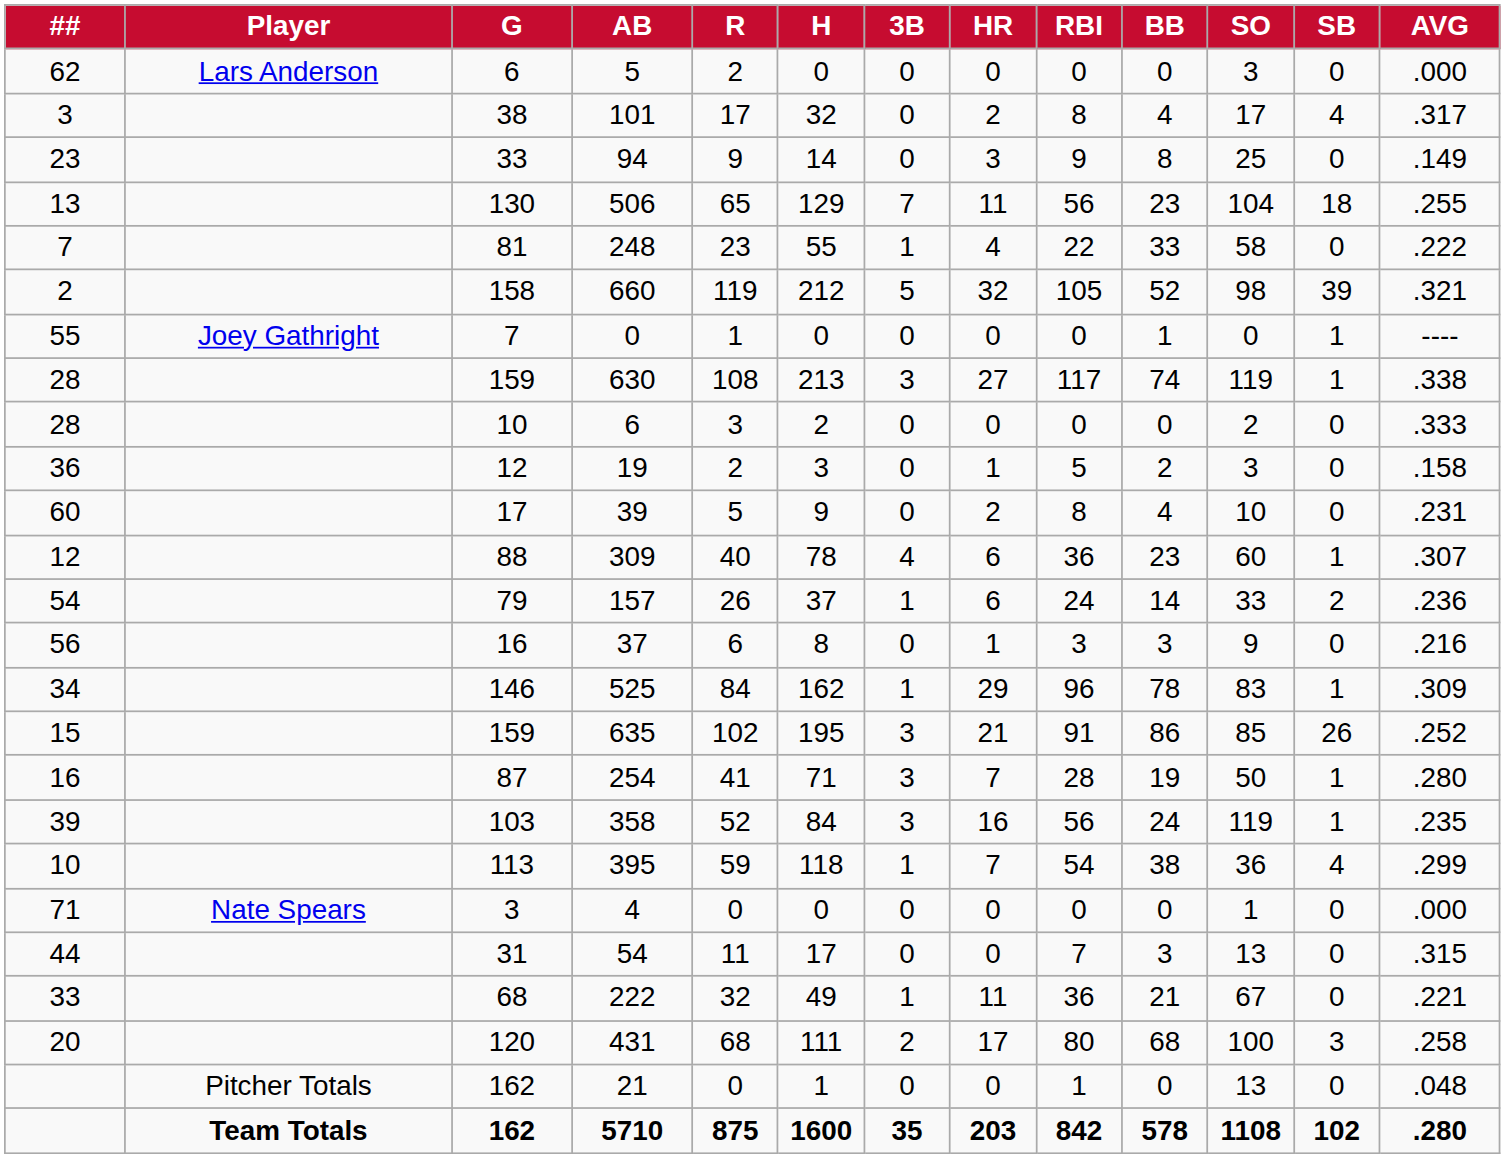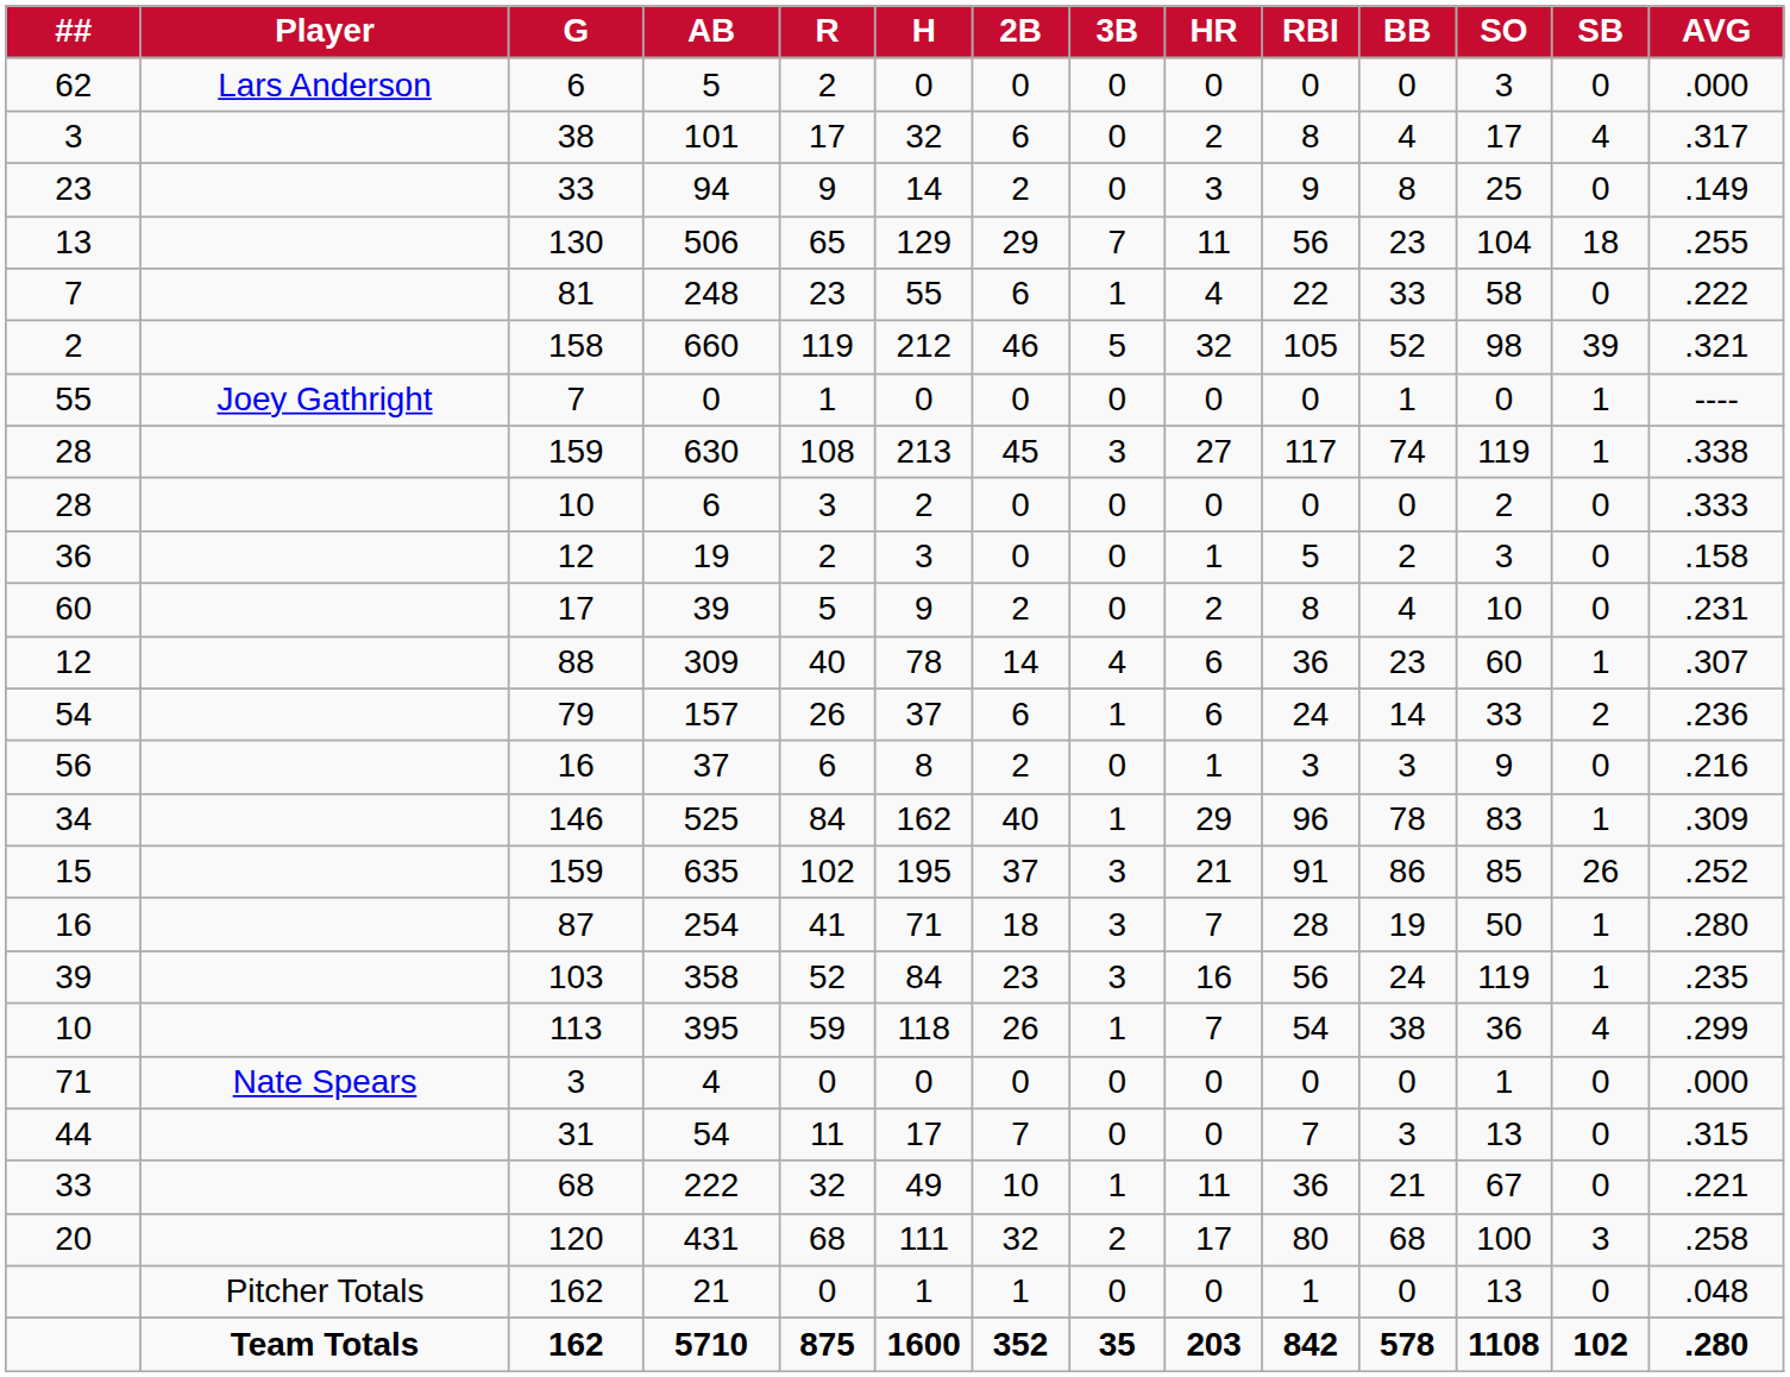 <table class="wikitable sortable">
 <tr>
 <th style="background:#c60c30; width:7%;color:white;">##</th>
 <th style="background:#c60c30; width:19%;color:white;">Player</th>
 <th style="background:#c60c30; width:7%;color:white;">G</th>
 <th style="background:#c60c30; width:7%;color:white;">AB</th>
 <th style="background:#c60c30; width:5%;color:white;">R</th>
 <th style="background:#c60c30; width:5%;color:white;">H</th>
+<th style="background:#c60c30; width:5%;color:white;">2B</th>
 <th style="background:#c60c30; width:5%;color:white;">3B</th>
 <th style="background:#c60c30; width:5%;color:white;">HR</th>
 <th style="background:#c60c30; width:5%;color:white;">RBI</th>
 <th style="background:#c60c30; width:5%;color:white;">BB</th>
 <th style="background:#c60c30; width:5%;color:white;">SO</th>
 <th style="background:#c60c30; width:5%;color:white;">SB</th>
 <th style="background:#c60c30; width:7%;color:white;">AVG</th>
 </tr>
 <tr style="text-align:center;">
 <td>62</td>
 <td><a href='#'>Lars Anderson</a></td>
 <td>6</td>
 <td>5</td>
 <td>2</td>
 <td>0</td>
 <td>0</td>
 <td>0</td>
 <td>0</td>
 <td>0</td>
+<td>0</td>
 <td>3</td>
 <td>0</td>
 <td>.000</td>
 </tr>
 <tr align=center>
 <td>3</td>
 <td></td>
 <td>38</td>
 <td>101</td>
 <td>17</td>
 <td>32</td>
+<td>6</td>
 <td>0</td>
 <td>2</td>
 <td>8</td>
 <td>4</td>
 <td>17</td>
 <td>4</td>
 <td>.317</td>
 </tr>
 <tr style="text-align:center;">
 <td>23</td>
 <td></td>
 <td>33</td>
 <td>94</td>
 <td>9</td>
 <td>14</td>
+<td>2</td>
 <td>0</td>
 <td>3</td>
 <td>9</td>
 <td>8</td>
 <td>25</td>
 <td>0</td>
 <td>.149</td>
 </tr>
 <tr style="text-align:center;">
 <td>13</td>
 <td></td>
 <td>130</td>
 <td>506</td>
 <td>65</td>
 <td>129</td>
+<td>29</td>
 <td>7</td>
 <td>11</td>
 <td>56</td>
 <td>23</td>
 <td>104</td>
 <td>18</td>
 <td>.255</td>
 </tr>
 <tr style="text-align:center;">
 <td>7</td>
 <td></td>
 <td>81</td>
 <td>248</td>
 <td>23</td>
 <td>55</td>
+<td>6</td>
 <td>1</td>
 <td>4</td>
 <td>22</td>
 <td>33</td>
 <td>58</td>
 <td>0</td>
 <td>.222</td>
 </tr>
 <tr style="text-align:center;">
 <td>2</td>
 <td></td>
 <td>158</td>
 <td>660</td>
 <td>119</td>
 <td>212</td>
+<td>46</td>
 <td>5</td>
 <td>32</td>
 <td>105</td>
 <td>52</td>
 <td>98</td>
 <td>39</td>
 <td>.321</td>
 </tr>
 <tr style="text-align:center;">
 <td>55</td>
 <td><a href='#'>Joey Gathright</a></td>
 <td>7</td>
 <td>0</td>
 <td>1</td>
 <td>0</td>
 <td>0</td>
 <td>0</td>
 <td>0</td>
+<td>0</td>
 <td>1</td>
 <td>0</td>
 <td>1</td>
 <td>----</td>
 </tr>
 <tr align=center>
 <td>28</td>
 <td></td>
 <td>159</td>
 <td>630</td>
 <td>108</td>
 <td>213</td>
+<td>45</td>
 <td>3</td>
 <td>27</td>
 <td>117</td>
 <td>74</td>
 <td>119</td>
 <td>1</td>
 <td>.338</td>
 </tr>
 <tr style="text-align:center;">
 <td>28</td>
 <td></td>
 <td>10</td>
 <td>6</td>
 <td>3</td>
 <td>2</td>
 <td>0</td>
 <td>0</td>
 <td>0</td>
 <td>0</td>
+<td>0</td>
 <td>2</td>
 <td>0</td>
 <td>.333</td>
 </tr>
 <tr style="text-align:center;">
 <td>36</td>
 <td></td>
 <td>12</td>
 <td>19</td>
 <td>2</td>
 <td>3</td>
+<td>0</td>
 <td>0</td>
 <td>1</td>
 <td>5</td>
 <td>2</td>
 <td>3</td>
 <td>0</td>
 <td>.158</td>
 </tr>
 <tr style="text-align:center;">
 <td>60</td>
 <td></td>
 <td>17</td>
 <td>39</td>
 <td>5</td>
 <td>9</td>
+<td>2</td>
 <td>0</td>
 <td>2</td>
 <td>8</td>
 <td>4</td>
 <td>10</td>
 <td>0</td>
 <td>.231</td>
 </tr>
 <tr style="text-align:center;">
 <td>12</td>
 <td></td>
 <td>88</td>
 <td>309</td>
 <td>40</td>
 <td>78</td>
+<td>14</td>
 <td>4</td>
 <td>6</td>
 <td>36</td>
 <td>23</td>
 <td>60</td>
 <td>1</td>
 <td>.307</td>
 </tr>
 <tr style="text-align:center;">
 <td>54</td>
 <td></td>
 <td>79</td>
 <td>157</td>
 <td>26</td>
 <td>37</td>
+<td>6</td>
 <td>1</td>
 <td>6</td>
 <td>24</td>
 <td>14</td>
 <td>33</td>
 <td>2</td>
 <td>.236</td>
 </tr>
 <tr style="text-align:center;">
 <td>56</td>
 <td></td>
 <td>16</td>
 <td>37</td>
 <td>6</td>
 <td>8</td>
+<td>2</td>
 <td>0</td>
 <td>1</td>
 <td>3</td>
 <td>3</td>
 <td>9</td>
 <td>0</td>
 <td>.216</td>
 </tr>
 <tr style="text-align:center;">
 <td>34</td>
 <td></td>
 <td>146</td>
 <td>525</td>
 <td>84</td>
 <td>162</td>
+<td>40</td>
 <td>1</td>
 <td>29</td>
 <td>96</td>
 <td>78</td>
 <td>83</td>
 <td>1</td>
 <td>.309</td>
 </tr>
 <tr style="text-align:center;">
 <td>15</td>
 <td></td>
 <td>159</td>
 <td>635</td>
 <td>102</td>
 <td>195</td>
+<td>37</td>
 <td>3</td>
 <td>21</td>
 <td>91</td>
 <td>86</td>
 <td>85</td>
 <td>26</td>
 <td>.252</td>
 </tr>
 <tr style="text-align:center;"|>
 <td>16</td>
 <td></td>
 <td>87</td>
 <td>254</td>
 <td>41</td>
 <td>71</td>
+<td>18</td>
 <td>3</td>
 <td>7</td>
 <td>28</td>
 <td>19</td>
 <td>50</td>
 <td>1</td>
 <td>.280</td>
 </tr>
 <tr style="text-align:center;">
 <td>39</td>
 <td></td>
 <td>103</td>
 <td>358</td>
 <td>52</td>
 <td>84</td>
+<td>23</td>
 <td>3</td>
 <td>16</td>
 <td>56</td>
 <td>24</td>
 <td>119</td>
 <td>1</td>
 <td>.235</td>
 </tr>
 <tr style="text-align:center;">
 <td>10</td>
 <td></td>
 <td>113</td>
 <td>395</td>
 <td>59</td>
 <td>118</td>
+<td>26</td>
 <td>1</td>
 <td>7</td>
 <td>54</td>
 <td>38</td>
 <td>36</td>
 <td>4</td>
 <td>.299</td>
 </tr>
 <tr style="text-align:center;">
 <td>71</td>
 <td><a href='#'>Nate Spears</a></td>
 <td>3</td>
 <td>4</td>
 <td>0</td>
 <td>0</td>
 <td>0</td>
 <td>0</td>
 <td>0</td>
 <td>0</td>
+<td>0</td>
 <td>1</td>
 <td>0</td>
 <td>.000</td>
 </tr>
 <tr align=center>
 <td>44</td>
 <td></td>
 <td>31</td>
 <td>54</td>
 <td>11</td>
 <td>17</td>
+<td>7</td>
 <td>0</td>
 <td>0</td>
 <td>7</td>
 <td>3</td>
 <td>13</td>
 <td>0</td>
 <td>.315</td>
 </tr>
 <tr style="text-align:center;">
 <td>33</td>
 <td></td>
 <td>68</td>
 <td>222</td>
 <td>32</td>
 <td>49</td>
+<td>10</td>
 <td>1</td>
 <td>11</td>
 <td>36</td>
 <td>21</td>
 <td>67</td>
 <td>0</td>
 <td>.221</td>
 </tr>
 <tr style="text-align:center;">
 <td>20</td>
 <td></td>
 <td>120</td>
 <td>431</td>
 <td>68</td>
 <td>111</td>
+<td>32</td>
 <td>2</td>
 <td>17</td>
 <td>80</td>
 <td>68</td>
 <td>100</td>
 <td>3</td>
 <td>.258</td>
 </tr>
 <tr style="text-align:center;">
 <td></td>
 <td>Pitcher Totals</td>
 <td>162</td>
 <td>21</td>
 <td>0</td>
+<td>1</td>
 <td>1</td>
 <td>0</td>
 <td>0</td>
 <td>1</td>
 <td>0</td>
 <td>13</td>
 <td>0</td>
 <td>.048</td>
 </tr>
 <tr style="text-align:center">
 <td></td>
 <td><strong>Team Totals</strong></td>
 <td><strong>162</strong></td>
 <td><strong>5710</strong></td>
 <td><strong>875</strong></td>
 <td><strong>1600</strong></td>
+<td><strong>352</strong></td>
 <td><strong>35</strong></td>
 <td><strong>203</strong></td>
 <td><strong>842</strong></td>
 <td><strong>578</strong></td>
 <td><strong>1108</strong></td>
 <td><strong>102</strong></td>
 <td><strong>.280</strong></td>
 </tr>
 </table>
